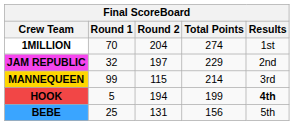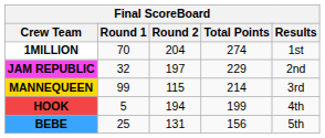 <table class="wikitable"  style="text-align:center; font-size:90%">
 <tr>
 <th colspan="5"><strong>Final ScoreBoard</strong></th>
 </tr>
 <tr style="background:#f2f2f2">
 <th scope="col">Crew Team</th>
 <th scope="col">Round 1</th>
 <th scope="col">Round 2</th>
 <th scope="col">Total Points</th>
 <th scope="col">Results</th>
 </tr>
 <tr>
 <td style="background:white"><strong>1MILLION</strong></td>
 <td>70</td>
 <td>204</td>
 <td>274</td>
 <td>1st</td>
 </tr>
 <tr>
 <td style="background:#F646EE"><strong>JAM REPUBLIC</strong></td>
 <td>32</td>
 <td>197</td>
 <td>229</td>
 <td>2nd</td>
 </tr>
 <tr>
 <td style="background:gold"><strong>MANNEQUEEN</strong></td>
 <td>99</td>
 <td>115</td>
 <td>214</td>
 <td>3rd</td>
 </tr>
 <tr>
 <td style="background:#F24646"><strong>HOOK</strong></td>
 <td>5</td>
 <td>194</td>
 <td>199</td>
-<td><strong>4th</strong></td>
+<td>4th</td>
 </tr>
 <tr>
 <td style="background:#3AA5FF"><strong>BEBE</strong></td>
 <td>25</td>
 <td>131</td>
 <td>156</td>
 <td>5th</td>
 </tr>
 </table>
